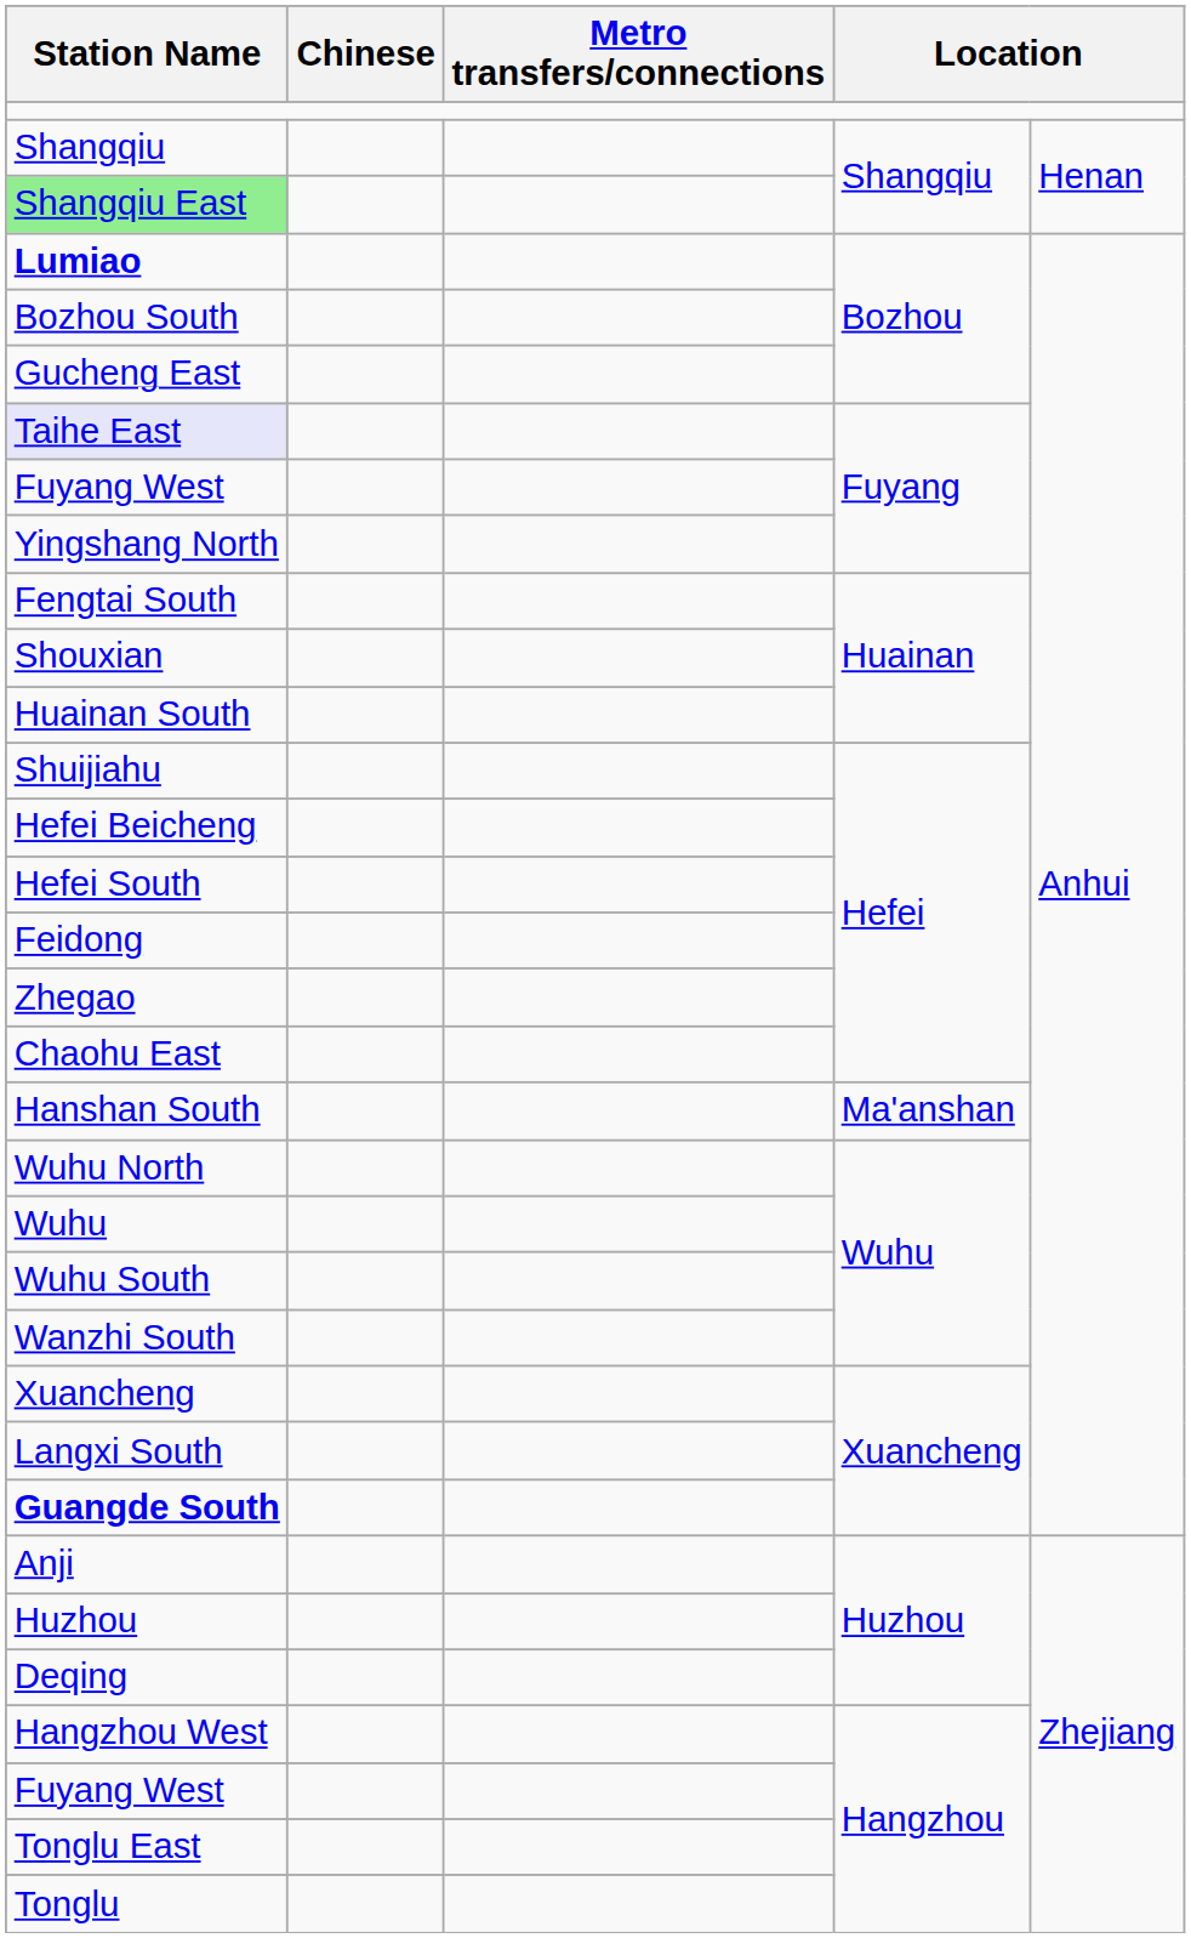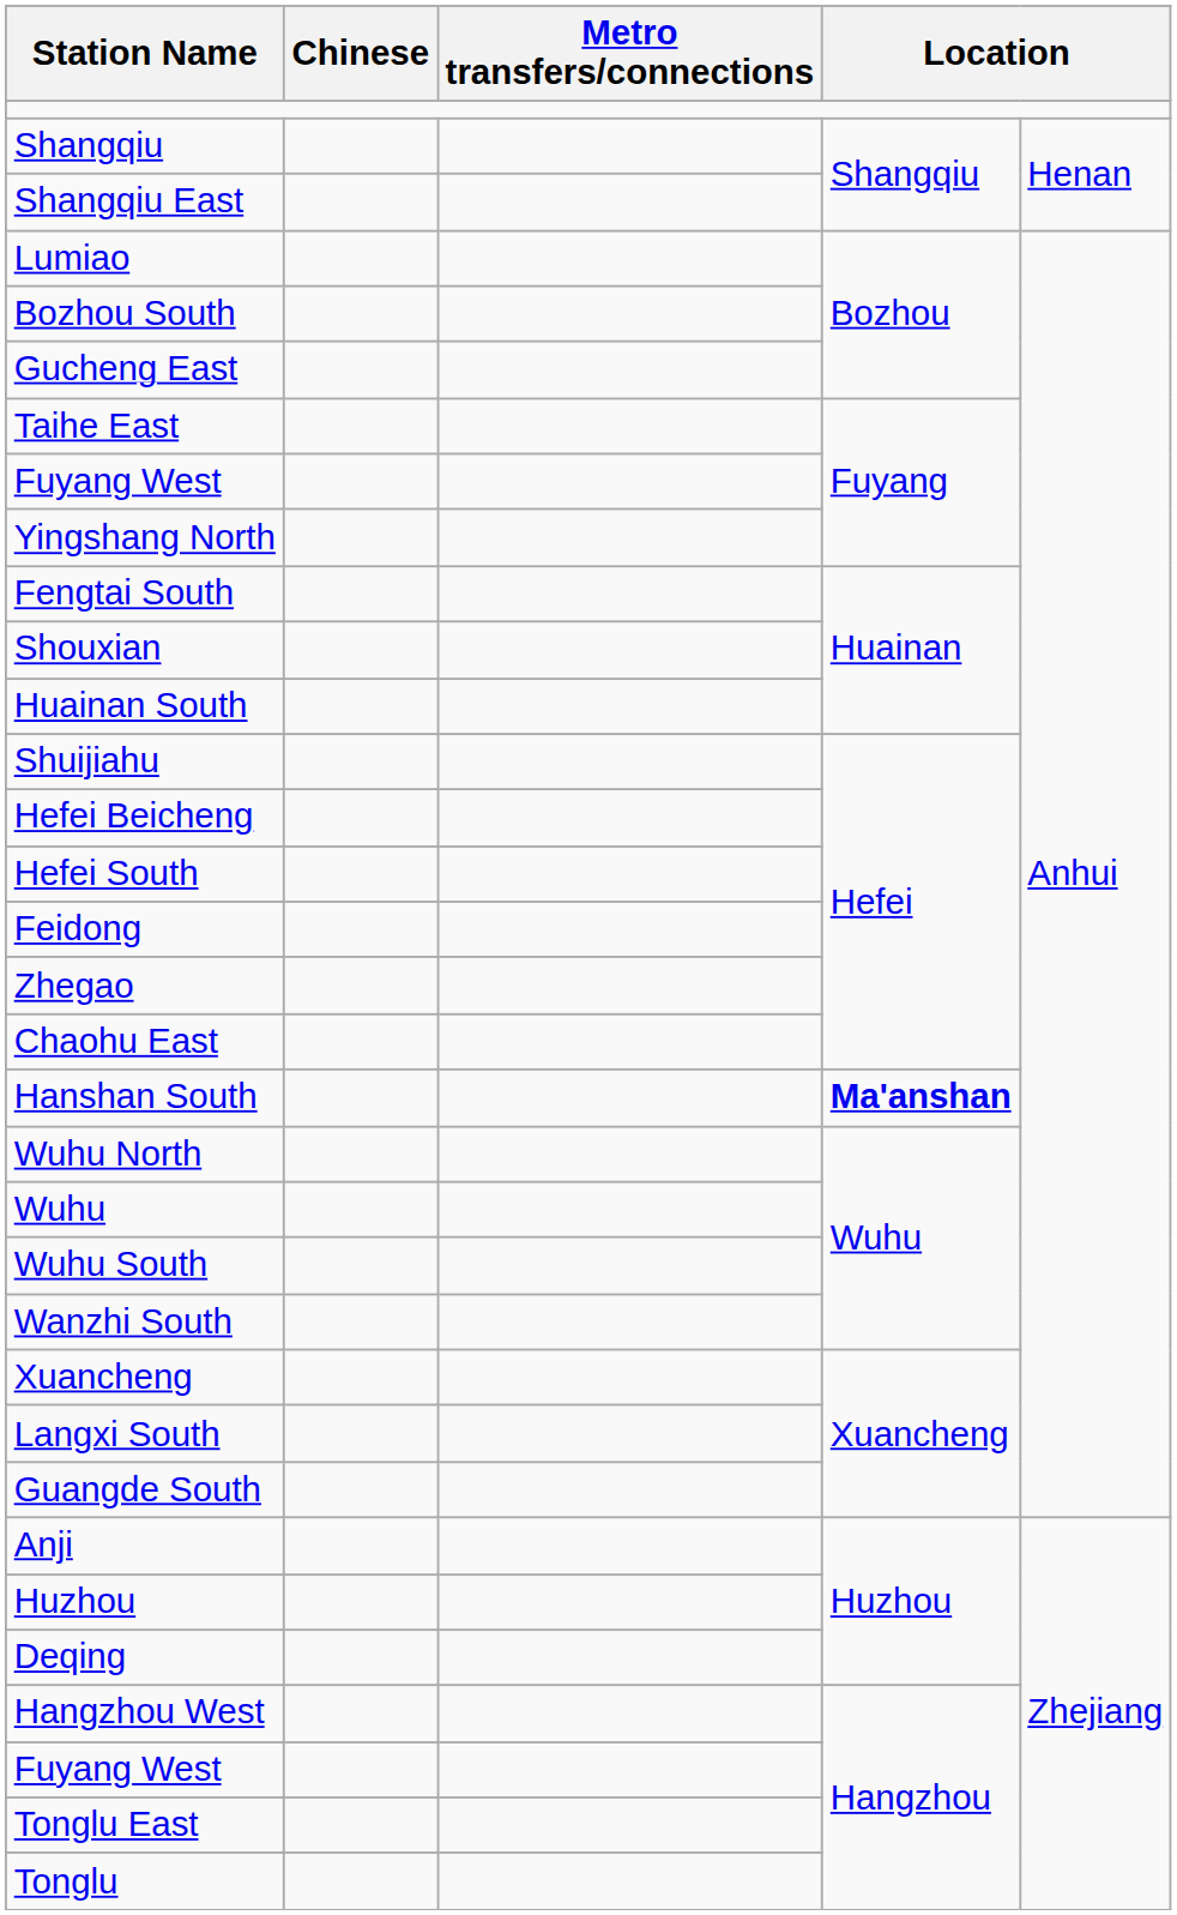 <table class="wikitable">
 <tr>
 <th>Station Name</th>
 <th>Chinese<br> </th>
 <th><a href='#'>Metro</a><br>transfers/connections</th>
 <th colspan="2">Location</th>
 </tr>
 <tr style="background:#">
 <td colspan = "11"></td>
 </tr>
 <tr>
 <td><a href='#'>Shangqiu</a></td>
 <td></td>
 <td></td>
 <td rowspan="2"><a href='#'>Shangqiu</a></td>
 <td rowspan="2"><a href='#'>Henan</a></td>
 </tr>
 <tr>
-<td style="background: lightgreen;"><a href='#'>Shangqiu East</a></td>
+<td><a href='#'>Shangqiu East</a></td>
 <td></td>
 <td></td>
 </tr>
 <tr>
-<td><strong><a href='#'>Lumiao</a></strong></td>
+<td><a href='#'>Lumiao</a></td>
 <td></td>
 <td></td>
 <td rowspan="3"><a href='#'>Bozhou</a></td>
 <td rowspan="23"><a href='#'>Anhui</a></td>
 </tr>
 <tr>
 <td><a href='#'>Bozhou South</a></td>
 <td></td>
 <td></td>
 </tr>
 <tr>
 <td><a href='#'>Gucheng East</a></td>
 <td></td>
 <td></td>
 </tr>
 <tr>
-<td style="background: lavender;"><a href='#'>Taihe East</a></td>
+<td><a href='#'>Taihe East</a></td>
 <td></td>
 <td></td>
 <td rowspan="3"><a href='#'>Fuyang</a></td>
 </tr>
 <tr>
 <td><a href='#'>Fuyang West</a></td>
 <td></td>
 <td></td>
 </tr>
 <tr>
 <td><a href='#'>Yingshang North</a></td>
 <td></td>
 <td></td>
 </tr>
 <tr>
 <td><a href='#'>Fengtai South</a></td>
 <td></td>
 <td></td>
 <td rowspan="3"><a href='#'>Huainan</a></td>
 </tr>
 <tr>
 <td><a href='#'>Shouxian</a></td>
 <td></td>
 <td></td>
 </tr>
 <tr>
 <td><a href='#'>Huainan South</a></td>
 <td></td>
 <td></td>
 </tr>
 <tr>
 <td><a href='#'>Shuijiahu</a></td>
 <td></td>
 <td></td>
 <td rowspan="6"><a href='#'>Hefei</a></td>
 </tr>
 <tr>
 <td><a href='#'>Hefei Beicheng</a></td>
 <td></td>
 <td></td>
 </tr>
 <tr>
 <td><a href='#'>Hefei South</a></td>
 <td></td>
 <td>   </td>
 </tr>
 <tr>
 <td><a href='#'>Feidong</a></td>
 <td></td>
 <td></td>
 </tr>
 <tr>
 <td><a href='#'>Zhegao</a></td>
 <td></td>
 <td></td>
 </tr>
 <tr>
 <td><a href='#'>Chaohu East</a></td>
 <td></td>
 <td></td>
 </tr>
 <tr>
 <td><a href='#'>Hanshan South</a></td>
 <td></td>
 <td></td>
-<td><a href='#'>Ma'anshan</a></td>
+<td><strong><a href='#'>Ma'anshan</a></strong></td>
 </tr>
 <tr>
 <td><a href='#'>Wuhu North</a></td>
 <td></td>
 <td></td>
 <td rowspan="4"><a href='#'>Wuhu</a></td>
 </tr>
 <tr>
 <td><a href='#'>Wuhu</a></td>
 <td></td>
 <td> </td>
 </tr>
 <tr>
 <td><a href='#'>Wuhu South</a></td>
 <td></td>
 <td> </td>
 </tr>
 <tr>
 <td><a href='#'>Wanzhi South</a></td>
 <td></td>
 <td></td>
 </tr>
 <tr>
 <td><a href='#'>Xuancheng</a></td>
 <td></td>
 <td></td>
 <td rowspan="3"><a href='#'>Xuancheng</a></td>
 </tr>
 <tr>
 <td><a href='#'>Langxi South</a></td>
 <td></td>
 <td></td>
 </tr>
 <tr>
-<td><strong><a href='#'>Guangde South</a></strong></td>
+<td><a href='#'>Guangde South</a></td>
 <td></td>
 <td></td>
 </tr>
 <tr>
 <td><a href='#'>Anji</a></td>
 <td></td>
 <td></td>
 <td rowspan="3"><a href='#'>Huzhou</a></td>
 <td rowspan="7"><a href='#'>Zhejiang</a></td>
 </tr>
 <tr>
 <td><a href='#'>Huzhou</a></td>
 <td></td>
 <td></td>
 </tr>
 <tr>
 <td><a href='#'>Deqing</a></td>
 <td></td>
 <td></td>
 </tr>
 <tr>
 <td><a href='#'>Hangzhou West</a></td>
 <td></td>
 <td>  </td>
 <td rowspan="4"><a href='#'>Hangzhou</a></td>
 </tr>
 <tr>
 <td><a href='#'>Fuyang West</a></td>
 <td></td>
 <td></td>
 </tr>
 <tr>
 <td><a href='#'>Tonglu East</a></td>
 <td></td>
 <td></td>
 </tr>
 <tr>
 <td><a href='#'>Tonglu</a></td>
 <td></td>
 <td></td>
 </tr>
 </table>
